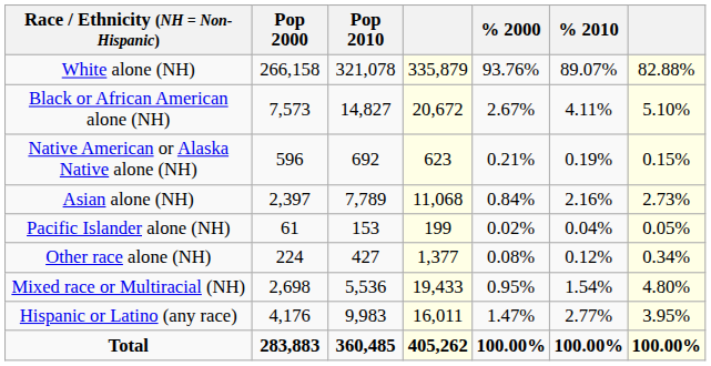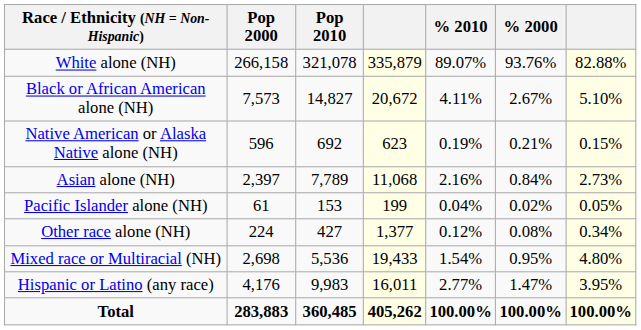 <table class="wikitable" style="text-align:center;">
 <tr>
 <th>Race / Ethnicity <small>(<em>NH = Non-Hispanic</em>)</small></th>
 <th>Pop 2000</th>
 <th>Pop 2010</th>
 <th></th>
+<th>% 2010</th>
 <th>% 2000</th>
-<th>% 2010</th>
 <th></th>
 </tr>
 <tr>
 <td><a href='#'>White</a> alone (NH)</td>
 <td>266,158</td>
 <td>321,078</td>
 <td style='background: #ffffe6;'>335,879</td>
+<td>89.07%</td>
 <td>93.76%</td>
-<td>89.07%</td>
 <td style='background: #ffffe6;'>82.88%</td>
 </tr>
 <tr>
 <td><a href='#'>Black or African American</a> alone (NH)</td>
 <td>7,573</td>
 <td>14,827</td>
 <td style='background: #ffffe6;'>20,672</td>
+<td>4.11%</td>
 <td>2.67%</td>
-<td>4.11%</td>
 <td style='background: #ffffe6;'>5.10%</td>
 </tr>
 <tr>
 <td><a href='#'>Native American</a> or <a href='#'>Alaska Native</a> alone (NH)</td>
 <td>596</td>
 <td>692</td>
 <td style='background: #ffffe6;'>623</td>
+<td>0.19%</td>
 <td>0.21%</td>
-<td>0.19%</td>
 <td style='background: #ffffe6;'>0.15%</td>
 </tr>
 <tr>
 <td><a href='#'>Asian</a> alone (NH)</td>
 <td>2,397</td>
 <td>7,789</td>
 <td style='background: #ffffe6;'>11,068</td>
+<td>2.16%</td>
 <td>0.84%</td>
-<td>2.16%</td>
 <td style='background: #ffffe6;'>2.73%</td>
 </tr>
 <tr>
 <td><a href='#'>Pacific Islander</a> alone (NH)</td>
 <td>61</td>
 <td>153</td>
 <td style='background: #ffffe6;'>199</td>
+<td>0.04%</td>
 <td>0.02%</td>
-<td>0.04%</td>
 <td style='background: #ffffe6;'>0.05%</td>
 </tr>
 <tr>
 <td><a href='#'>Other race</a> alone (NH)</td>
 <td>224</td>
 <td>427</td>
 <td style='background: #ffffe6;'>1,377</td>
+<td>0.12%</td>
 <td>0.08%</td>
-<td>0.12%</td>
 <td style='background: #ffffe6;'>0.34%</td>
 </tr>
 <tr>
 <td><a href='#'>Mixed race or Multiracial</a> (NH)</td>
 <td>2,698</td>
 <td>5,536</td>
 <td style='background: #ffffe6;'>19,433</td>
+<td>1.54%</td>
 <td>0.95%</td>
-<td>1.54%</td>
 <td style='background: #ffffe6;'>4.80%</td>
 </tr>
 <tr>
 <td><a href='#'>Hispanic or Latino</a> (any race)</td>
 <td>4,176</td>
 <td>9,983</td>
 <td style='background: #ffffe6;'>16,011</td>
+<td>2.77%</td>
 <td>1.47%</td>
-<td>2.77%</td>
 <td style='background: #ffffe6;'>3.95%</td>
 </tr>
 <tr>
 <td><strong>Total</strong></td>
 <td><strong>283,883</strong></td>
 <td><strong>360,485</strong></td>
 <td style='background: #ffffe6;'><strong>405,262</strong></td>
 <td><strong>100.00%</strong></td>
 <td><strong>100.00%</strong></td>
 <td style='background: #ffffe6;'><strong>100.00%</strong></td>
 </tr>
 </table>
